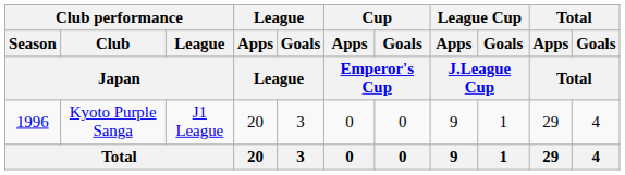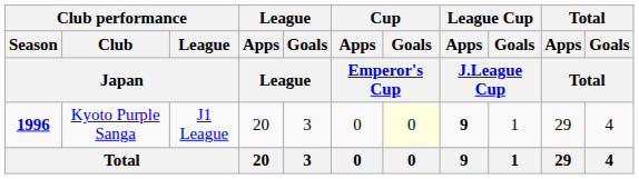 <table class="wikitable" style="text-align:center;">
 <tr>
 <th colspan=3>Club performance</th>
 <th colspan=2>League</th>
 <th colspan=2>Cup</th>
 <th colspan=2>League Cup</th>
 <th colspan=2>Total</th>
 </tr>
 <tr>
 <th>Season</th>
 <th>Club</th>
 <th>League</th>
 <th>Apps</th>
 <th>Goals</th>
 <th>Apps</th>
 <th>Goals</th>
 <th>Apps</th>
 <th>Goals</th>
 <th>Apps</th>
 <th>Goals</th>
 </tr>
 <tr>
 <th colspan=3>Japan</th>
 <th colspan=2>League</th>
 <th colspan=2><a href='#'>Emperor's Cup</a></th>
 <th colspan=2><a href='#'>J.League Cup</a></th>
 <th colspan=2>Total</th>
 </tr>
 <tr>
-<td><a href='#'>1996</a></td>
+<td><strong><a href='#'>1996</a></strong></td>
 <td><a href='#'>Kyoto Purple Sanga</a></td>
 <td><a href='#'>J1 League</a></td>
 <td>20</td>
 <td>3</td>
 <td>0</td>
-<td>0</td>
-<td>9</td>
+<td style="background: lightyellow;">0</td>
+<td><strong>9</strong></td>
 <td>1</td>
 <td>29</td>
 <td>4</td>
 </tr>
 <tr>
 <th colspan=3>Total</th>
 <th>20</th>
 <th>3</th>
 <th>0</th>
 <th>0</th>
 <th>9</th>
 <th>1</th>
 <th>29</th>
 <th>4</th>
 </tr>
 </table>
